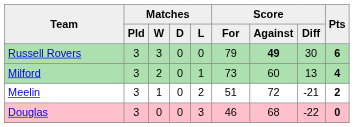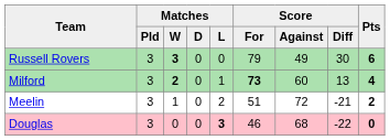 <table style=border-collapse:collapse border=1 cellspacing=0 cellpadding=5>
 <tr align=center bgcolor=#efefef>
 <th rowspan=2 width=165>Team</th>
 <th colspan=4>Matches</th>
 <th colspan=3>Score</th>
 <th rowspan=2width=20>Pts</th>
 </tr>
 <tr align=center bgcolor=#efefef>
 <th width=20>Pld</th>
 <th width=20>W</th>
 <th width=20>D</th>
 <th width=20>L</th>
 <th width=45>For</th>
 <th width=45>Against</th>
 <th width=30>Diff</th>
 </tr>
 <tr align=center style="background:#ACE1AF;">
 <td style="text-align:left;"><a href='#'>Russell Rovers</a></td>
 <td>3</td>
-<td>3</td>
+<td><strong>3</strong></td>
 <td>0</td>
 <td>0</td>
 <td>79</td>
-<td><strong>49</strong></td>
+<td>49</td>
 <td>30</td>
 <td><strong>6</strong></td>
 </tr>
 <tr align=center style="background:#ACE1AF;">
 <td style="text-align:left;"><a href='#'>Milford</a></td>
 <td>3</td>
-<td>2</td>
+<td><strong>2</strong></td>
 <td>0</td>
 <td>1</td>
-<td>73</td>
+<td><strong>73</strong></td>
 <td>60</td>
 <td>13</td>
 <td><strong>4</strong></td>
 </tr>
 <tr align=center>
 <td style="text-align:left;"><a href='#'>Meelin</a></td>
 <td>3</td>
 <td>1</td>
 <td>0</td>
 <td>2</td>
 <td>51</td>
 <td>72</td>
 <td>-21</td>
 <td><strong>2</strong></td>
 </tr>
 <tr align=center style="background:#FFC0CB;">
 <td style="text-align:left;"><a href='#'>Douglas</a></td>
 <td>3</td>
 <td>0</td>
 <td>0</td>
-<td>3</td>
+<td><strong>3</strong></td>
 <td>46</td>
 <td>68</td>
 <td>-22</td>
 <td><strong>0</strong></td>
 </tr>
 </table>
